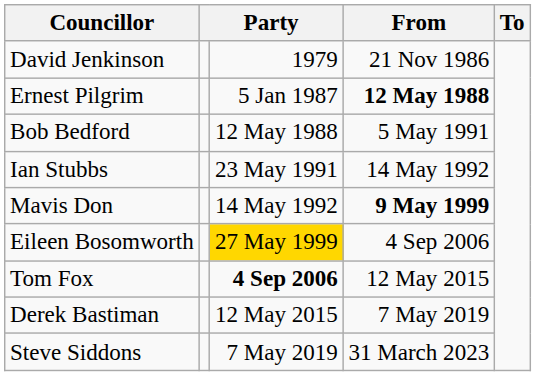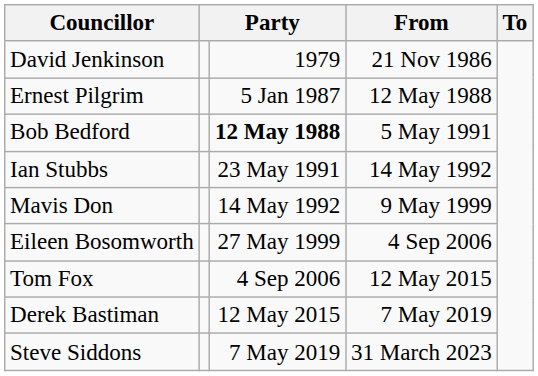 <table class=wikitable>
 <tr>
 <th>Councillor</th>
 <th colspan=2>Party</th>
 <th>From</th>
 <th>To</th>
 </tr>
 <tr>
 <td>David Jenkinson</td>
 <td></td>
 <td align=right>1979</td>
 <td align=right>21 Nov 1986</td>
 </tr>
 <tr>
 <td>Ernest Pilgrim</td>
 <td></td>
 <td align=right>5 Jan 1987</td>
-<td align=right><strong>12 May 1988</strong></td>
+<td align=right>12 May 1988</td>
 </tr>
 <tr>
 <td>Bob Bedford</td>
 <td></td>
-<td align=right>12 May 1988</td>
+<td align=right><strong>12 May 1988</strong></td>
 <td align=right>5 May 1991</td>
 </tr>
 <tr>
 <td>Ian Stubbs</td>
 <td></td>
 <td align=right>23 May 1991</td>
 <td align=right>14 May 1992</td>
 </tr>
 <tr>
 <td>Mavis Don</td>
 <td></td>
 <td align=right>14 May 1992</td>
-<td align=right><strong>9 May 1999</strong></td>
+<td align=right>9 May 1999</td>
 </tr>
 <tr>
 <td>Eileen Bosomworth</td>
 <td></td>
-<td align=right style="background: gold;">27 May 1999</td>
+<td align=right>27 May 1999</td>
 <td align=right>4 Sep 2006</td>
 </tr>
 <tr>
 <td>Tom Fox</td>
 <td></td>
-<td align=right><strong>4 Sep 2006</strong></td>
+<td align=right>4 Sep 2006</td>
 <td align=right>12 May 2015</td>
 </tr>
 <tr>
 <td>Derek Bastiman</td>
 <td></td>
 <td align=right>12 May 2015</td>
 <td align=right>7 May 2019</td>
 </tr>
 <tr>
 <td>Steve Siddons</td>
 <td></td>
 <td align=right>7 May 2019</td>
 <td align=right>31 March 2023</td>
 </tr>
 </table>
